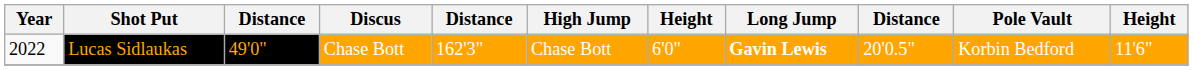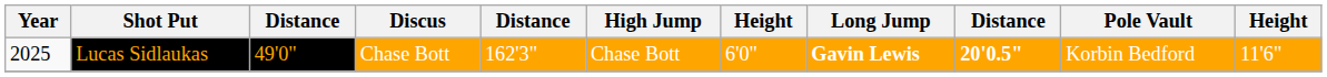 <table class="wikitable sortable" style="width: 100%; font-size: 85%;">
 <tr>
 <th width="5%">Year</th>
 <th>Shot Put</th>
 <th>Distance</th>
 <th>Discus</th>
 <th>Distance</th>
 <th>High Jump</th>
 <th>Height</th>
 <th>Long Jump</th>
 <th>Distance</th>
 <th>Pole Vault</th>
 <th>Height</th>
 </tr>
 <tr>
-<td>2022</td>
+<td>2025</td>
 <td !align=center style="background:black;color:orange">Lucas Sidlaukas</td>
 <td !align=center style="background:black;color:orange">49'0"</td>
 <td !align=center style="background:orange;color:white">Chase Bott</td>
 <td !align=center style="background:orange;color:white">162'3"</td>
 <td !align=center style="background:orange;color:white">Chase Bott</td>
 <td !align=center style="background:orange;color:white">6'0"</td>
 <td !align=center style="background:orange;color:white"><strong>Gavin Lewis</strong></td>
-<td !align=center style="background:orange;color:white">20'0.5"</td>
+<td !align=center style="background:orange;color:white"><strong>20'0.5"</strong></td>
 <td !align=center style="background:orange;color:white">Korbin Bedford</td>
 <td !align=center style="background:orange;color:white">11'6"</td>
 </tr>
 <tr>
 </tr>
 </table>
